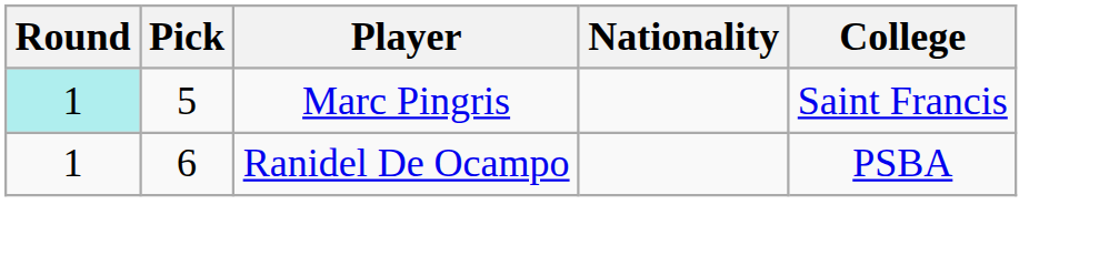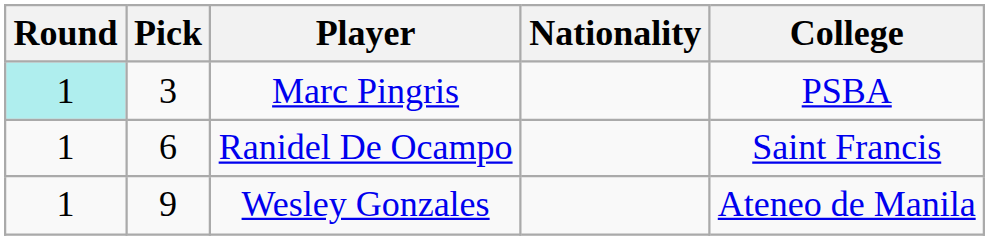 <table class="wikitable sortable sortable">
 <tr>
 <th>Round</th>
 <th>Pick</th>
 <th>Player</th>
 <th>Nationality</th>
 <th>College</th>
 </tr>
 <tr style="text-align: center">
 <td style="background: paleturquoise;">1</td>
-<td>5</td>
+<td>3</td>
 <td><a href='#'>Marc Pingris</a></td>
 <td></td>
-<td><a href='#'>Saint Francis</a></td>
+<td><a href='#'>PSBA</a></td>
 </tr>
 <tr style="text-align: center">
 <td>1</td>
 <td>6</td>
 <td><a href='#'>Ranidel De Ocampo</a></td>
 <td></td>
-<td><a href='#'>PSBA</a></td>
+<td><a href='#'>Saint Francis</a></td>
+</tr>
+<tr style="text-align: center">
+<td>1</td>
+<td>9</td>
+<td><a href='#'>Wesley Gonzales</a></td>
+<td></td>
+<td><a href='#'>Ateneo de Manila</a></td>
 </tr>
 </table>
